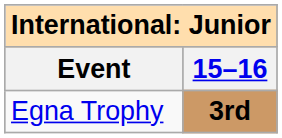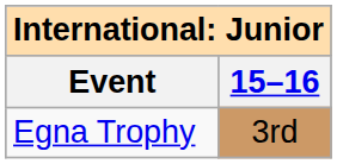 <table class="wikitable" style="text-align:center">
 <tr>
 <th colspan="2" style="background-color: #ffdead; " align="center">International: Junior</th>
 </tr>
 <tr>
 <th>Event</th>
 <th><a href='#'>15–16</a></th>
 </tr>
 <tr>
 <td align=left><a href='#'>Egna Trophy</a></td>
-<td bgcolor="cc9966"><strong>3rd</strong></td>
+<td bgcolor="cc9966">3rd</td>
 </tr>
 </table>
